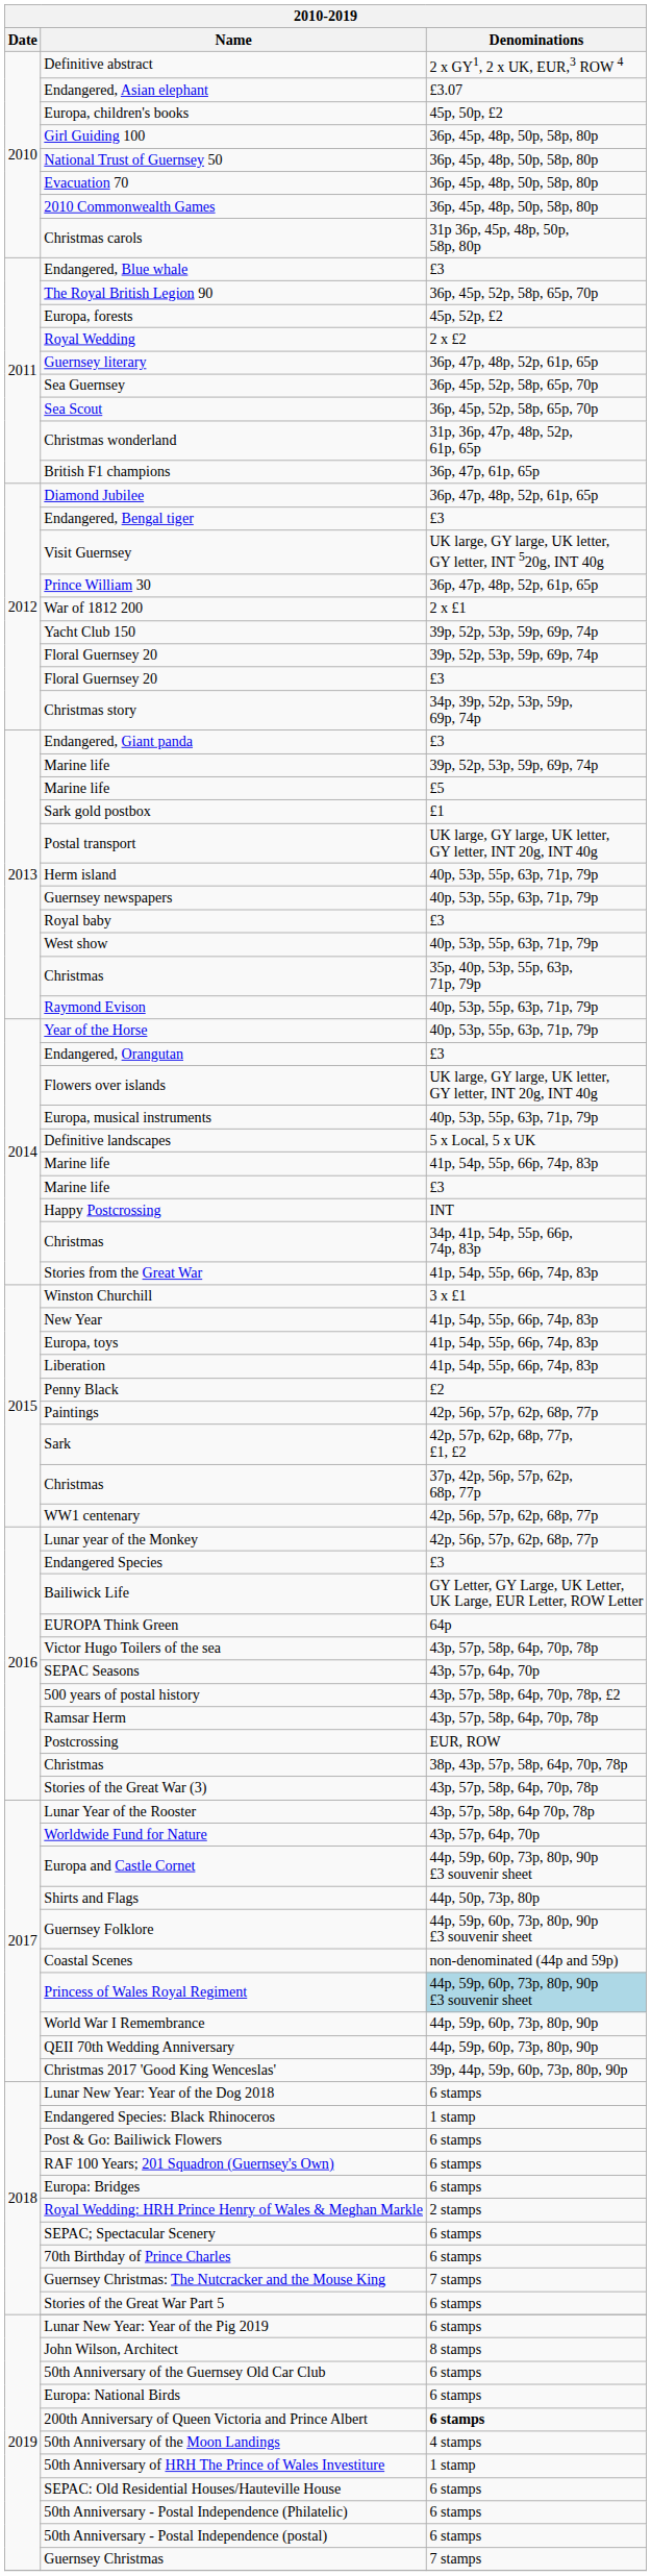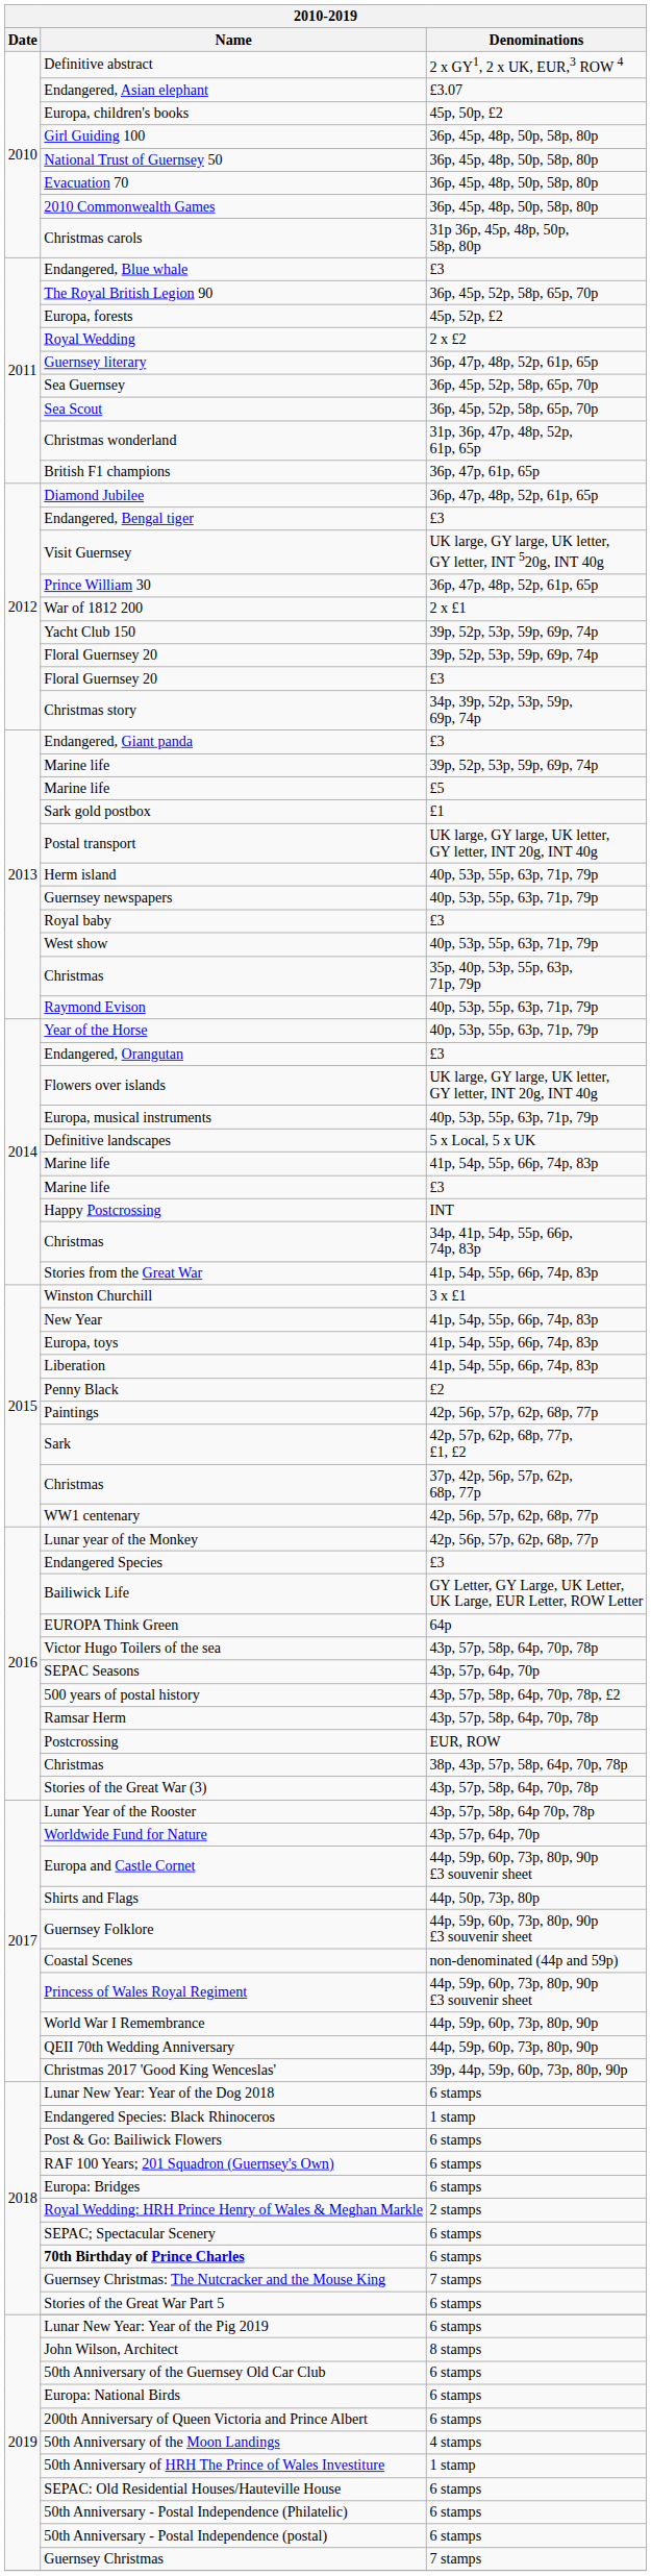 <table class="wikitable">
 <tr>
 <th colspan=3>2010-2019</th>
 </tr>
 <tr>
 <th>Date</th>
 <th>Name</th>
 <th>Denominations</th>
 </tr>
 <tr>
 <td rowspan="8">2010</td>
 <td>Definitive abstract</td>
 <td>2 x GY<sup>1</sup>, 2 x UK, EUR,<sup>3</sup> ROW <sup>4</sup></td>
 </tr>
 <tr>
 <td>Endangered, <a href='#'>Asian elephant</a></td>
 <td>£3.07</td>
 </tr>
 <tr>
 <td>Europa, children's books</td>
 <td>45p, 50p, £2</td>
 </tr>
 <tr>
 <td><a href='#'>Girl Guiding</a> 100</td>
 <td>36p, 45p, 48p, 50p, 58p, 80p</td>
 </tr>
 <tr>
 <td><a href='#'>National Trust of Guernsey</a> 50</td>
 <td>36p, 45p, 48p, 50p, 58p, 80p</td>
 </tr>
 <tr>
 <td><a href='#'>Evacuation</a> 70</td>
 <td>36p, 45p, 48p, 50p, 58p, 80p</td>
 </tr>
 <tr>
 <td><a href='#'>2010 Commonwealth Games</a></td>
 <td>36p, 45p, 48p, 50p, 58p, 80p</td>
 </tr>
 <tr>
 <td>Christmas carols</td>
 <td>31p 36p, 45p, 48p, 50p, <br>58p, 80p</td>
 </tr>
 <tr>
 <td rowspan="9">2011</td>
 <td>Endangered, <a href='#'>Blue whale</a></td>
 <td>£3</td>
 </tr>
 <tr>
 <td><a href='#'>The Royal British Legion</a> 90</td>
 <td>36p, 45p, 52p, 58p, 65p, 70p</td>
 </tr>
 <tr>
 <td>Europa, forests</td>
 <td>45p, 52p, £2</td>
 </tr>
 <tr>
 <td><a href='#'>Royal Wedding</a></td>
 <td>2 x £2</td>
 </tr>
 <tr>
 <td><a href='#'>Guernsey literary</a></td>
 <td>36p, 47p, 48p, 52p, 61p, 65p</td>
 </tr>
 <tr>
 <td>Sea Guernsey</td>
 <td>36p, 45p, 52p, 58p, 65p, 70p</td>
 </tr>
 <tr>
 <td><a href='#'>Sea Scout</a></td>
 <td>36p, 45p, 52p, 58p, 65p, 70p</td>
 </tr>
 <tr>
 <td>Christmas wonderland</td>
 <td>31p, 36p, 47p, 48p, 52p, <br>61p, 65p</td>
 </tr>
 <tr>
 <td>British F1 champions</td>
 <td>36p, 47p, 61p, 65p</td>
 </tr>
 <tr>
 <td rowspan="9">2012</td>
 <td><a href='#'>Diamond Jubilee</a></td>
 <td>36p, 47p, 48p, 52p, 61p, 65p</td>
 </tr>
 <tr>
 <td>Endangered, <a href='#'>Bengal tiger</a></td>
 <td>£3</td>
 </tr>
 <tr>
 <td>Visit Guernsey</td>
 <td>UK large, GY large, UK letter, <br>GY letter, INT <sup>5</sup>20g, INT 40g</td>
 </tr>
 <tr>
 <td><a href='#'>Prince William</a> 30</td>
 <td>36p, 47p, 48p, 52p, 61p, 65p</td>
 </tr>
 <tr>
 <td>War of 1812 200</td>
 <td>2 x £1</td>
 </tr>
 <tr>
 <td>Yacht Club 150</td>
 <td>39p, 52p, 53p, 59p, 69p, 74p</td>
 </tr>
 <tr>
 <td>Floral Guernsey 20</td>
 <td>39p, 52p, 53p, 59p, 69p, 74p</td>
 </tr>
 <tr>
 <td>Floral Guernsey 20</td>
 <td>£3</td>
 </tr>
 <tr>
 <td>Christmas story</td>
 <td>34p, 39p, 52p, 53p, 59p, <br>69p, 74p</td>
 </tr>
 <tr>
 <td rowspan="11">2013</td>
 <td>Endangered, <a href='#'>Giant panda</a></td>
 <td>£3</td>
 </tr>
 <tr>
 <td>Marine life</td>
 <td>39p, 52p, 53p, 59p, 69p, 74p</td>
 </tr>
 <tr>
 <td>Marine life</td>
 <td>£5</td>
 </tr>
 <tr>
 <td>Sark gold postbox</td>
 <td>£1</td>
 </tr>
 <tr>
 <td>Postal transport</td>
 <td>UK large, GY large, UK letter, <br>GY letter, INT 20g, INT 40g</td>
 </tr>
 <tr>
 <td>Herm island</td>
 <td>40p, 53p, 55p, 63p, 71p, 79p</td>
 </tr>
 <tr>
 <td>Guernsey newspapers</td>
 <td>40p, 53p, 55p, 63p, 71p, 79p</td>
 </tr>
 <tr>
 <td>Royal baby</td>
 <td>£3</td>
 </tr>
 <tr>
 <td>West show</td>
 <td>40p, 53p, 55p, 63p, 71p, 79p</td>
 </tr>
 <tr>
 <td>Christmas</td>
 <td>35p, 40p, 53p, 55p, 63p, <br>71p, 79p</td>
 </tr>
 <tr>
 <td><a href='#'>Raymond Evison</a></td>
 <td>40p, 53p, 55p, 63p, 71p, 79p</td>
 </tr>
 <tr>
 <td rowspan="10">2014</td>
 <td><a href='#'>Year of the Horse</a></td>
 <td>40p, 53p, 55p, 63p, 71p, 79p</td>
 </tr>
 <tr>
 <td>Endangered, <a href='#'>Orangutan</a></td>
 <td>£3</td>
 </tr>
 <tr>
 <td>Flowers over islands</td>
 <td>UK large, GY large, UK letter, <br>GY letter, INT 20g, INT 40g</td>
 </tr>
 <tr>
 <td>Europa, musical instruments</td>
 <td>40p, 53p, 55p, 63p, 71p, 79p</td>
 </tr>
 <tr>
 <td>Definitive landscapes</td>
 <td>5 x Local, 5 x UK</td>
 </tr>
 <tr>
 <td>Marine life</td>
 <td>41p, 54p, 55p, 66p, 74p, 83p</td>
 </tr>
 <tr>
 <td>Marine life</td>
 <td>£3</td>
 </tr>
 <tr>
 <td>Happy <a href='#'>Postcrossing</a></td>
 <td>INT</td>
 </tr>
 <tr>
 <td>Christmas</td>
 <td>34p, 41p, 54p, 55p, 66p, <br>74p, 83p</td>
 </tr>
 <tr>
 <td>Stories from the <a href='#'>Great War</a></td>
 <td>41p, 54p, 55p, 66p, 74p, 83p</td>
 </tr>
 <tr>
 <td rowspan="9">2015 </td>
 <td>Winston Churchill</td>
 <td>3 x £1</td>
 </tr>
 <tr>
 <td>New Year</td>
 <td>41p, 54p, 55p, 66p, 74p, 83p</td>
 </tr>
 <tr>
 <td>Europa, toys</td>
 <td>41p, 54p, 55p, 66p, 74p, 83p</td>
 </tr>
 <tr>
 <td>Liberation</td>
 <td>41p, 54p, 55p, 66p, 74p, 83p</td>
 </tr>
 <tr>
 <td>Penny Black</td>
 <td>£2</td>
 </tr>
 <tr>
 <td>Paintings</td>
 <td>42p, 56p, 57p, 62p, 68p, 77p</td>
 </tr>
 <tr>
 <td>Sark</td>
 <td>42p, 57p, 62p, 68p, 77p, <br>£1, £2</td>
 </tr>
 <tr>
 <td>Christmas</td>
 <td>37p, 42p, 56p, 57p, 62p, <br>68p, 77p</td>
 </tr>
 <tr>
 <td>WW1 centenary</td>
 <td>42p, 56p, 57p, 62p, 68p, 77p</td>
 </tr>
 <tr>
 <td rowspan="11">2016</td>
 <td>Lunar year of the Monkey</td>
 <td>42p, 56p, 57p, 62p, 68p, 77p</td>
 </tr>
 <tr>
 <td>Endangered Species</td>
 <td>£3</td>
 </tr>
 <tr>
 <td>Bailiwick Life</td>
 <td>GY Letter, GY Large, UK Letter, <br>UK Large, EUR Letter, ROW Letter</td>
 </tr>
 <tr>
 <td>EUROPA Think Green</td>
 <td>64p</td>
 </tr>
 <tr>
 <td>Victor Hugo Toilers of the sea</td>
 <td>43p, 57p, 58p, 64p, 70p, 78p</td>
 </tr>
 <tr>
 <td>SEPAC Seasons</td>
 <td>43p, 57p, 64p, 70p</td>
 </tr>
 <tr>
 <td>500 years of postal history</td>
 <td>43p, 57p, 58p, 64p, 70p, 78p, £2</td>
 </tr>
 <tr>
 <td>Ramsar Herm</td>
 <td>43p, 57p, 58p, 64p, 70p, 78p</td>
 </tr>
 <tr>
 <td>Postcrossing</td>
 <td>EUR, ROW</td>
 </tr>
 <tr>
 <td>Christmas</td>
 <td>38p, 43p, 57p, 58p, 64p, 70p, 78p</td>
 </tr>
 <tr>
 <td>Stories of the Great War (3)</td>
 <td>43p, 57p, 58p, 64p, 70p, 78p</td>
 </tr>
 <tr>
 <td rowspan="10">2017 </td>
 <td>Lunar Year of the Rooster</td>
 <td>43p, 57p, 58p, 64p 70p, 78p</td>
 </tr>
 <tr>
 <td><a href='#'>Worldwide Fund for Nature</a></td>
 <td>43p, 57p, 64p, 70p</td>
 </tr>
 <tr>
 <td>Europa and <a href='#'>Castle Cornet</a></td>
 <td>44p, 59p, 60p, 73p, 80p, 90p <br>£3 souvenir sheet</td>
 </tr>
 <tr>
 <td>Shirts and Flags</td>
 <td>44p, 50p, 73p, 80p</td>
 </tr>
 <tr>
 <td>Guernsey Folklore</td>
 <td>44p, 59p, 60p, 73p, 80p, 90p <br>£3 souvenir sheet</td>
 </tr>
 <tr>
 <td>Coastal Scenes</td>
 <td>non-denominated (44p and 59p)</td>
 </tr>
 <tr>
 <td><a href='#'>Princess of Wales Royal Regiment</a></td>
-<td style="background: lightblue;">44p, 59p, 60p, 73p, 80p, 90p <br>£3 souvenir sheet</td>
+<td>44p, 59p, 60p, 73p, 80p, 90p <br>£3 souvenir sheet</td>
 </tr>
 <tr>
 <td>World War I Remembrance</td>
 <td>44p, 59p, 60p, 73p, 80p, 90p</td>
 </tr>
 <tr>
 <td>QEII 70th Wedding Anniversary</td>
 <td>44p, 59p, 60p, 73p, 80p, 90p</td>
 </tr>
 <tr>
 <td>Christmas 2017 'Good King Wenceslas'</td>
 <td>39p, 44p, 59p, 60p, 73p, 80p, 90p</td>
 </tr>
 <tr>
 <td rowspan="10">2018 </td>
 <td>Lunar New Year: Year of the Dog 2018</td>
 <td>6 stamps</td>
 </tr>
 <tr>
 <td>Endangered Species: Black Rhinoceros</td>
 <td>1 stamp</td>
 </tr>
 <tr>
 <td>Post & Go: Bailiwick Flowers</td>
 <td>6 stamps</td>
 </tr>
 <tr>
 <td>RAF 100 Years; <a href='#'>201 Squadron (Guernsey's Own)</a></td>
 <td>6 stamps</td>
 </tr>
 <tr>
 <td>Europa: Bridges</td>
 <td>6 stamps</td>
 </tr>
 <tr>
 <td><a href='#'>Royal Wedding: HRH Prince Henry of Wales & Meghan Markle</a></td>
 <td>2 stamps</td>
 </tr>
 <tr>
 <td>SEPAC; Spectacular Scenery</td>
 <td>6 stamps</td>
 </tr>
 <tr>
-<td>70th Birthday of <a href='#'>Prince Charles</a></td>
+<td><strong>70th Birthday of <a href='#'>Prince Charles</a></strong></td>
 <td>6 stamps</td>
 </tr>
 <tr>
 <td>Guernsey Christmas: <a href='#'>The Nutcracker and the Mouse King</a></td>
 <td>7 stamps</td>
 </tr>
 <tr>
 <td>Stories of the Great War Part 5</td>
 <td>6 stamps</td>
 </tr>
 <tr>
 <td rowspan="12">2019 </td>
 </tr>
 <tr>
 <td>Lunar New Year: Year of the Pig 2019</td>
 <td>6 stamps</td>
 </tr>
 <tr>
 <td>John Wilson, Architect</td>
 <td>8 stamps</td>
 </tr>
 <tr>
 <td>50th Anniversary of the Guernsey Old Car Club</td>
 <td>6 stamps</td>
 </tr>
 <tr>
 <td>Europa: National Birds</td>
 <td>6 stamps</td>
 </tr>
 <tr>
 <td>200th Anniversary of Queen Victoria and Prince Albert</td>
-<td><strong>6 stamps</strong></td>
+<td>6 stamps</td>
 </tr>
 <tr>
 <td>50th Anniversary of the <a href='#'>Moon Landings</a></td>
 <td>4 stamps</td>
 </tr>
 <tr>
 <td>50th Anniversary of <a href='#'>HRH The Prince of Wales Investiture</a></td>
 <td>1 stamp</td>
 </tr>
 <tr>
 <td>SEPAC: Old Residential Houses/Hauteville House</td>
 <td>6 stamps</td>
 </tr>
 <tr>
 <td>50th Anniversary - Postal Independence (Philatelic)</td>
 <td>6 stamps</td>
 </tr>
 <tr>
 <td>50th Anniversary - Postal Independence (postal)</td>
 <td>6 stamps</td>
 </tr>
 <tr>
 <td>Guernsey Christmas</td>
 <td>7 stamps</td>
 </tr>
 <tr>
 </tr>
 </table>
